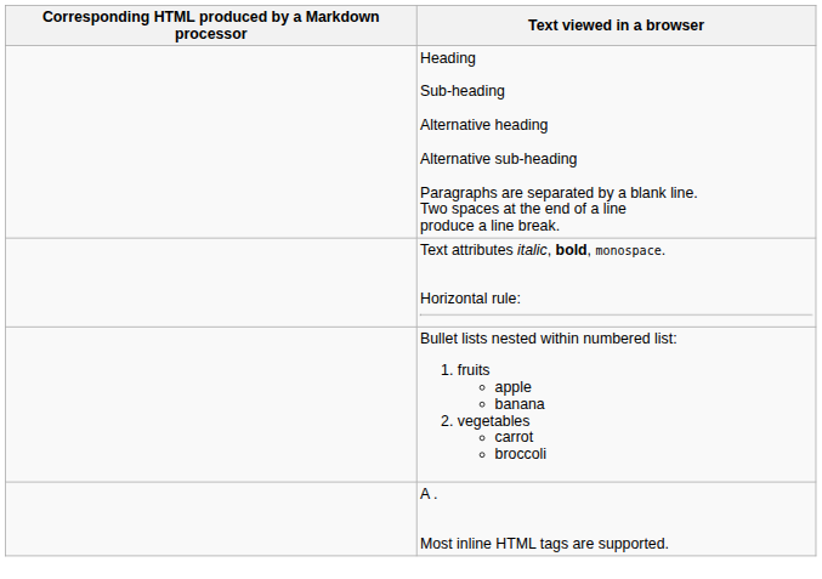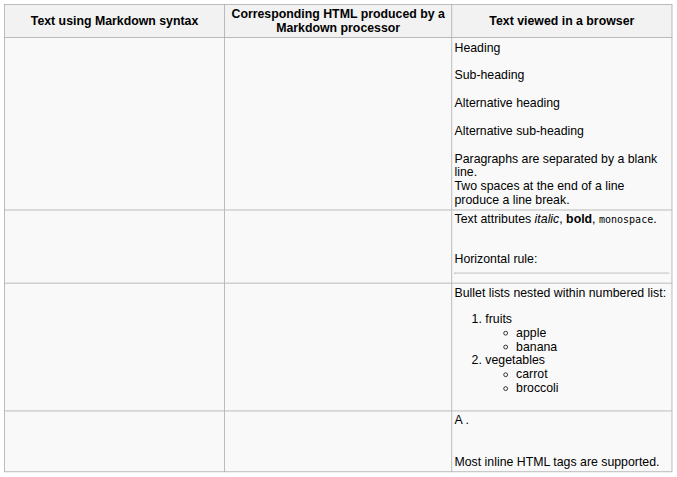 <table class="wikitable">
 <tr>
+<th width="33%">Text using Markdown syntax</th>
 <th width="34%">Corresponding HTML produced by a Markdown processor</th>
 <th width="33%">Text viewed in a browser</th>
 </tr>
 <tr valign="top">
 <td><br></td>
+<td><br></td>
 <td><div>Heading</div><br><div>Sub-heading</div><br><div>Alternative heading</div><br><div>Alternative sub-heading</div><br>Paragraphs are separated by a blank line.<br>Two spaces at the end of a line<br> produce a line break.</td>
 </tr>
 <tr>
+<td></td>
 <td><br></td>
 <td>Text attributes <em>italic</em>, <strong>bold</strong>, <code>monospace</code>.</p><br>Horizontal rule:<br><hr></td>
 </tr>
 <tr>
+<td></td>
 <td><br></td>
 <td>Bullet lists nested within numbered list:<br><ol><li>fruits<ul><li>apple</li><li>banana</li></ul></li><li>vegetables<ul><li>carrot</li><li>broccoli</li></ul></li></ol></td>
 </tr>
 <tr>
+<td></td>
 <td><br></td>
 <td>A .<br><br><br>Most inline <abbr>HTML</abbr> tags are supported.<br></td>
 </tr>
 </table>
